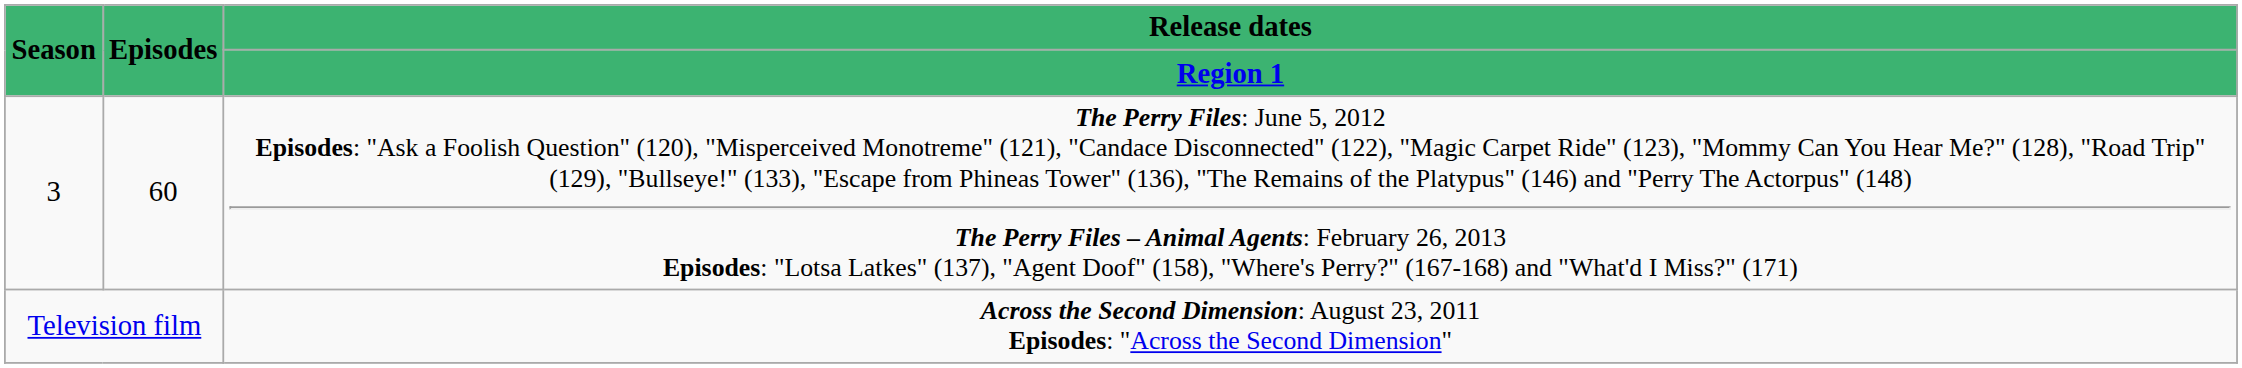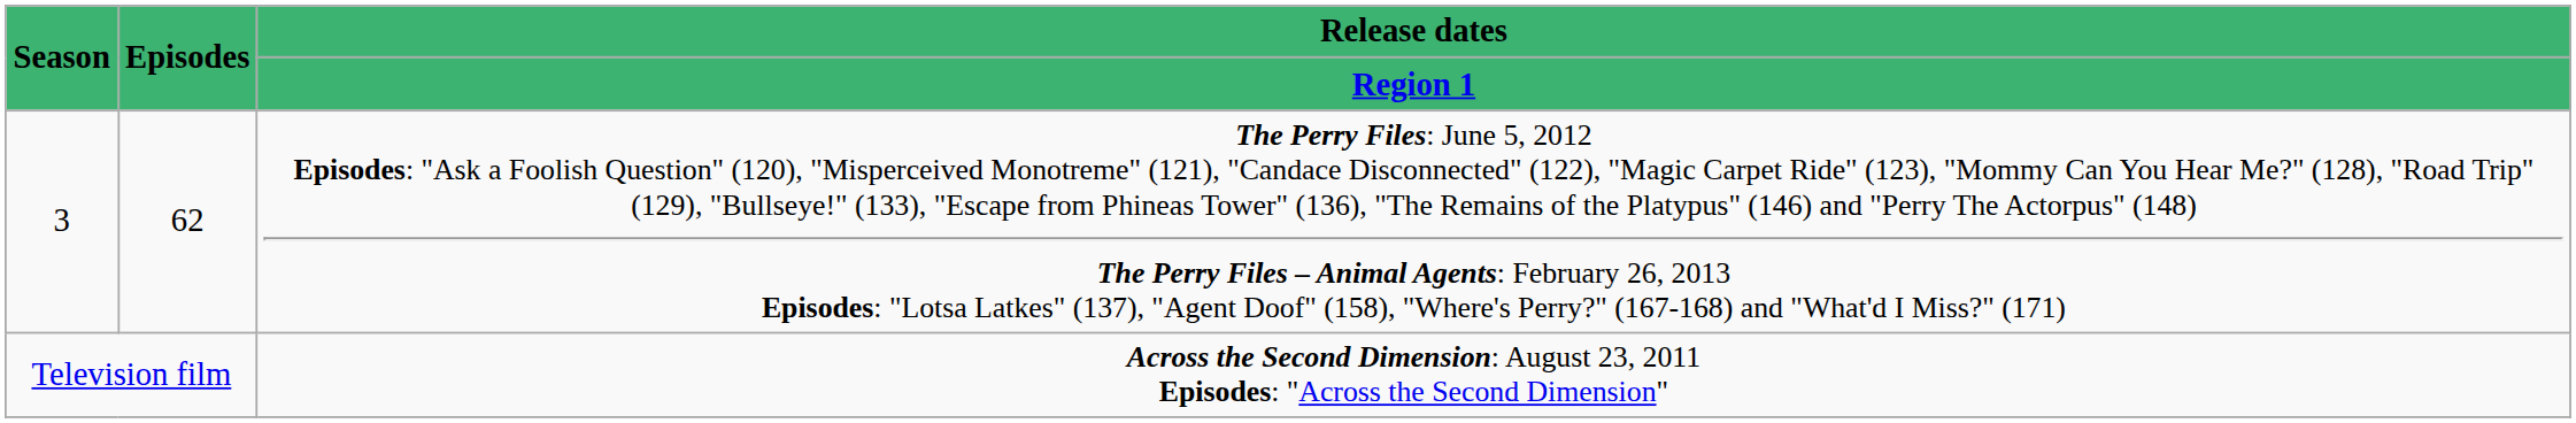 <table class="wikitable" style="text-align: center;">
 <tr>
 <th rowspan=2 style="background:#3cb371">Season</th>
 <th rowspan=2 style="background:#3cb371">Episodes</th>
 <th style="background:#3cb371">Release dates</th>
 </tr>
 <tr>
 <th style="background:#3cb371"><a href='#'>Region 1</a></th>
 </tr>
 <tr>
 <td>3</td>
-<td>60</td>
+<td>62</td>
 <td style="font-size:90%"><strong><em>The Perry Files</em></strong>: June 5, 2012<br><strong>Episodes</strong>: "Ask a Foolish Question" (120), "Misperceived Monotreme" (121), "Candace Disconnected" (122), "Magic Carpet Ride" (123), "Mommy Can You Hear Me?" (128), "Road Trip" (129), "Bullseye!" (133), "Escape from Phineas Tower" (136), "The Remains of the Platypus" (146) and "Perry The Actorpus" (148)<hr><strong><em>The Perry Files – Animal Agents</em></strong>: February 26, 2013<br><strong>Episodes</strong>: "Lotsa Latkes" (137), "Agent Doof" (158), "Where's Perry?" (167-168) and "What'd I Miss?" (171)</td>
 </tr>
 <tr>
 <td colspan=2><a href='#'>Television film</a></td>
 <td style="font-size:90%"><strong><em>Across the Second Dimension</em></strong>: August 23, 2011<br><strong>Episodes</strong>: "<a href='#'>Across the Second Dimension</a>"</td>
 </tr>
 </table>
